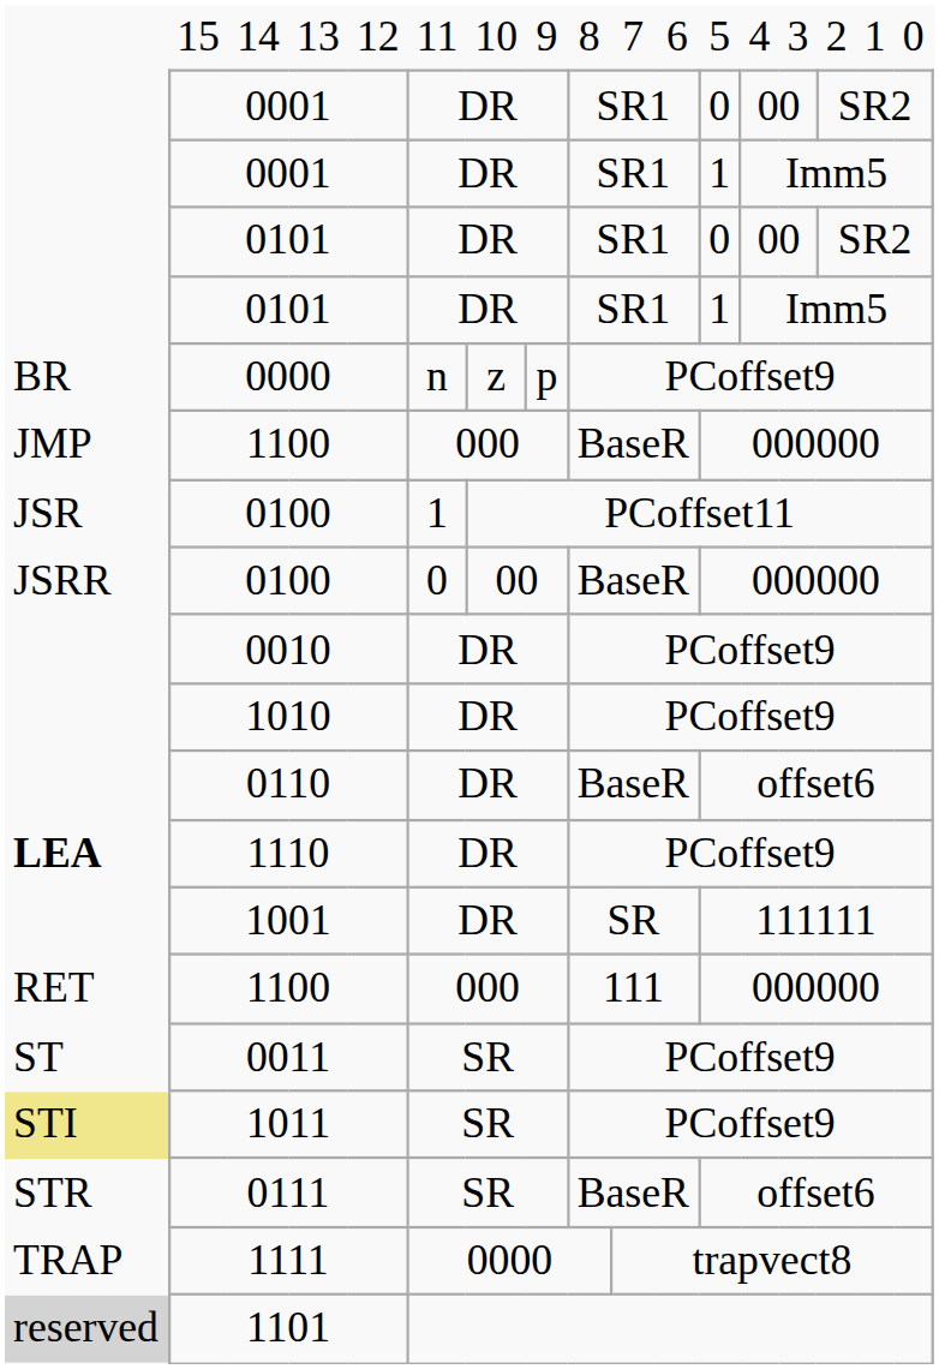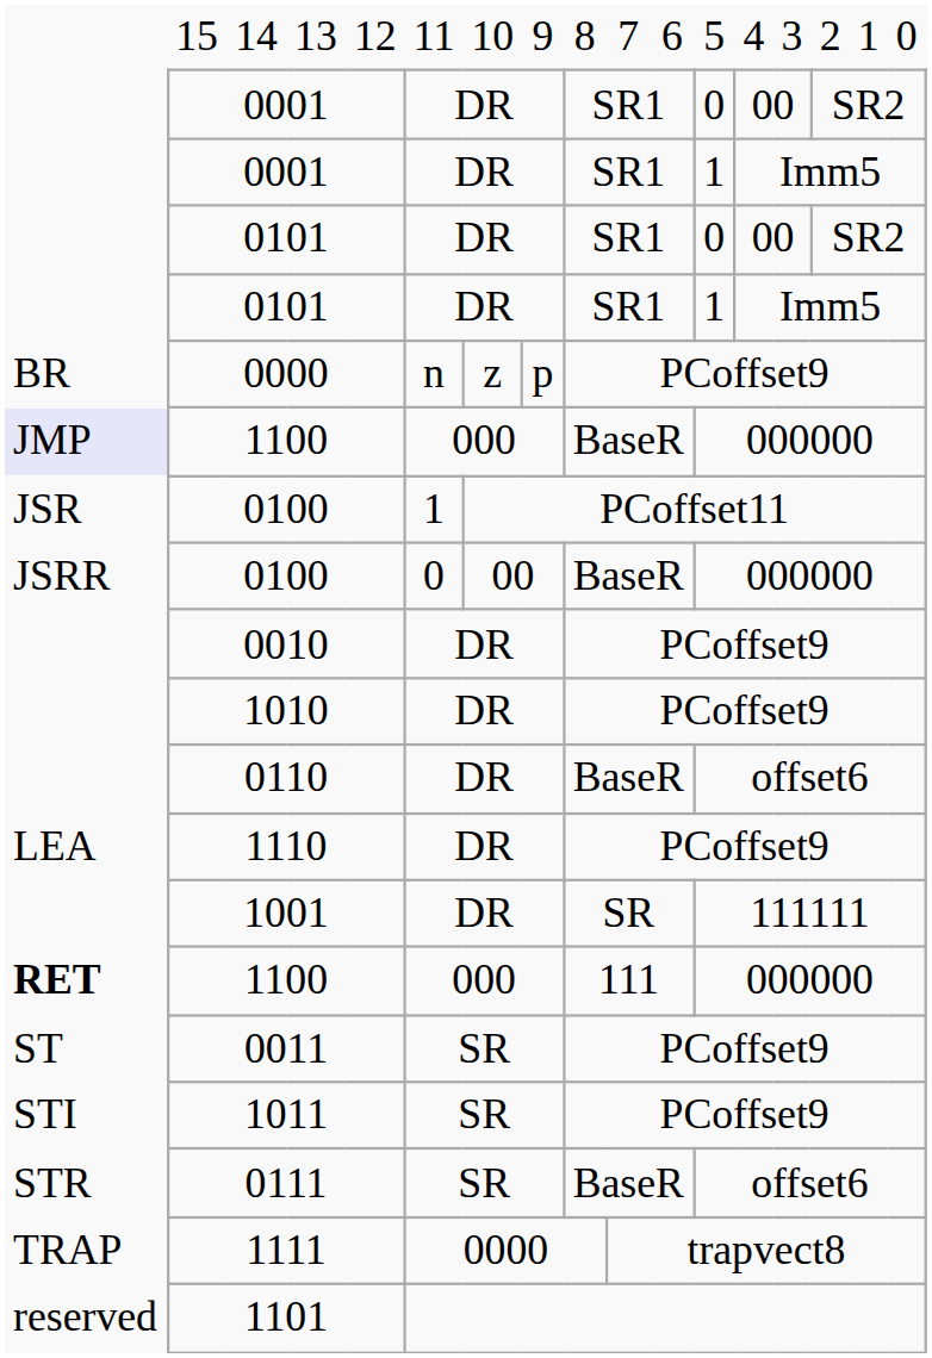 <table class="wikitable" style="border-style: none none none none; text-align: center; |">
 <tr>
 <td style="border-style: none none none none; text-align: left;"></td>
 <td style="border-style: none none none none;">15</td>
 <td style="border-style: none none none none;">14</td>
 <td style="border-style: none none none none;">13</td>
 <td style="border-style: none none none none;">12</td>
 <td style="border-style: none none none none;">11</td>
 <td style="border-style: none none none none;">10</td>
 <td style="border-style: none none none none;">9</td>
 <td style="border-style: none none none none;">8</td>
 <td style="border-style: none none none none;">7</td>
 <td style="border-style: none none none none;">6</td>
 <td style="border-style: none none none none;">5</td>
 <td style="border-style: none none none none;">4</td>
 <td style="border-style: none none none none;">3</td>
 <td style="border-style: none none none none;">2</td>
 <td style="border-style: none none none none;">1</td>
 <td style="border-style: none none none none;">0</td>
 </tr>
 <tr>
 <td style="border-style: none none none none; text-align: left;"></td>
 <td colspan="4">0001</td>
 <td colspan="3">DR</td>
 <td colspan="3">SR1</td>
 <td>0</td>
 <td colspan="2">00</td>
 <td colspan="3">SR2</td>
 </tr>
 <tr>
 <td style="border-style: none none none none; text-align: left;"></td>
 <td colspan="4">0001</td>
 <td colspan="3">DR</td>
 <td colspan="3">SR1</td>
 <td>1</td>
 <td colspan="5">Imm5</td>
 </tr>
 <tr>
 <td style="border-style: none none none none; text-align: left;"></td>
 <td colspan="4">0101</td>
 <td colspan="3">DR</td>
 <td colspan="3">SR1</td>
 <td>0</td>
 <td colspan="2">00</td>
 <td colspan="3">SR2</td>
 </tr>
 <tr>
 <td style="border-style: none none none none; text-align: left;"></td>
 <td colspan="4">0101</td>
 <td colspan="3">DR</td>
 <td colspan="3">SR1</td>
 <td>1</td>
 <td colspan="5">Imm5</td>
 </tr>
 <tr>
 <td style="border-style: none none none none; text-align: left;">BR</td>
 <td colspan="4">0000</td>
 <td>n</td>
 <td>z</td>
 <td>p</td>
 <td colspan="9">PCoffset9</td>
 </tr>
 <tr>
-<td style="border-style: none none none none; text-align: left;">JMP</td>
+<td style="background: lavender; border-style: none none none none; text-align: left;">JMP</td>
 <td colspan="4">1100</td>
 <td colspan="3">000</td>
 <td colspan="3">BaseR</td>
 <td colspan="6">000000</td>
 </tr>
 <tr>
 <td style="border-style: none none none none; text-align: left;">JSR</td>
 <td colspan="4">0100</td>
 <td>1</td>
 <td colspan="11">PCoffset11</td>
 </tr>
 <tr>
 <td style="border-style: none none none none; text-align: left;">JSRR</td>
 <td colspan="4">0100</td>
 <td>0</td>
 <td colspan="2">00</td>
 <td colspan="3">BaseR</td>
 <td colspan="6">000000</td>
 </tr>
 <tr>
 <td style="border-style: none none none none; text-align: left;"></td>
 <td colspan="4">0010</td>
 <td colspan="3">DR</td>
 <td colspan="9">PCoffset9</td>
 </tr>
 <tr>
 <td style="border-style: none none none none; text-align: left;"></td>
 <td colspan="4">1010</td>
 <td colspan="3">DR</td>
 <td colspan="9">PCoffset9</td>
 </tr>
 <tr>
 <td style="border-style: none none none none; text-align: left;"></td>
 <td colspan="4">0110</td>
 <td colspan="3">DR</td>
 <td colspan="3">BaseR</td>
 <td colspan="6">offset6</td>
 </tr>
 <tr>
-<td style="border-style: none none none none; text-align: left;"><strong>LEA</strong></td>
+<td style="border-style: none none none none; text-align: left;">LEA</td>
 <td colspan="4">1110</td>
 <td colspan="3">DR</td>
 <td colspan="9">PCoffset9</td>
 </tr>
 <tr>
 <td style="border-style: none none none none; text-align: left;"></td>
 <td colspan="4">1001</td>
 <td colspan="3">DR</td>
 <td colspan="3">SR</td>
 <td colspan="6">111111</td>
 </tr>
 <tr>
-<td style="border-style: none none none none; text-align: left;">RET</td>
+<td style="border-style: none none none none; text-align: left;"><strong>RET</strong></td>
 <td colspan="4">1100</td>
 <td colspan="3">000</td>
 <td colspan="3">111</td>
 <td colspan="6">000000</td>
 </tr>
 <tr>
 <td style="border-style: none none none none; text-align: left;">ST</td>
 <td colspan="4">0011</td>
 <td colspan="3">SR</td>
 <td colspan="9">PCoffset9</td>
 </tr>
 <tr>
-<td style="background: khaki; border-style: none none none none; text-align: left;">STI</td>
+<td style="border-style: none none none none; text-align: left;">STI</td>
 <td colspan="4">1011</td>
 <td colspan="3">SR</td>
 <td colspan="9">PCoffset9</td>
 </tr>
 <tr>
 <td style="border-style: none none none none; text-align: left;">STR</td>
 <td colspan="4">0111</td>
 <td colspan="3">SR</td>
 <td colspan="3">BaseR</td>
 <td colspan="6">offset6</td>
 </tr>
 <tr>
 <td style="border-style: none none none none; text-align: left;">TRAP</td>
 <td colspan="4">1111</td>
 <td colspan="4">0000</td>
 <td colspan="8">trapvect8</td>
 </tr>
 <tr>
-<td style="background: lightgrey; border-style: none none none none; text-align: left;">reserved</td>
+<td style="border-style: none none none none; text-align: left;">reserved</td>
 <td colspan="4">1101</td>
 <td colspan="12"></td>
 </tr>
 </table>
